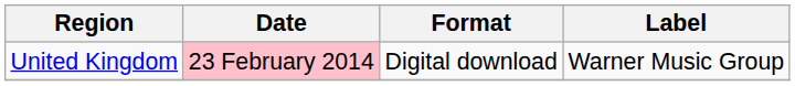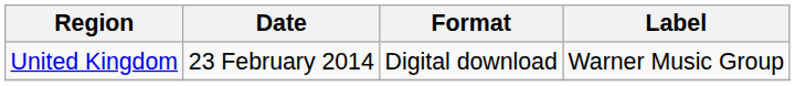 <table class=wikitable>
 <tr>
 <th>Region</th>
 <th>Date</th>
 <th>Format</th>
 <th>Label</th>
 </tr>
 <tr>
 <td><a href='#'>United Kingdom</a></td>
-<td style="background: pink;">23 February 2014</td>
+<td>23 February 2014</td>
 <td>Digital download</td>
 <td>Warner Music Group</td>
 </tr>
 <tr>
 </tr>
 </table>
